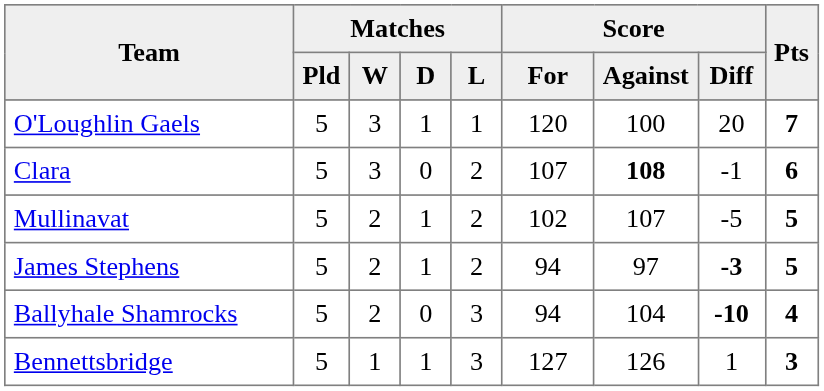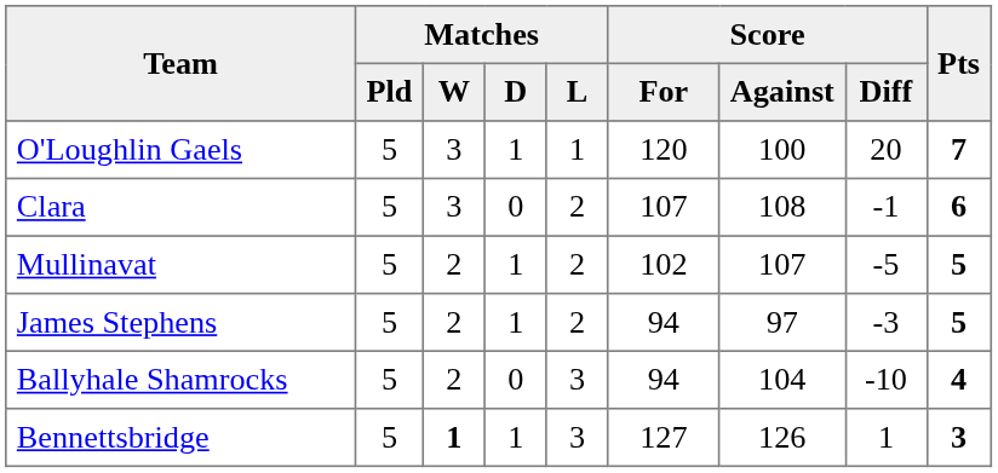 <table style=border-collapse:collapse border=1 cellspacing=0 cellpadding=5>
 <tr align=center bgcolor=#efefef>
 <th rowspan=2 width=165>Team</th>
 <th colspan=4>Matches</th>
 <th colspan=3>Score</th>
 <th rowspan=2width=20>Pts</th>
 </tr>
 <tr align=center bgcolor=#efefef>
 <th width=20>Pld</th>
 <th width=20>W</th>
 <th width=20>D</th>
 <th width=20>L</th>
 <th width=45>For</th>
 <th width=45>Against</th>
 <th width=30>Diff</th>
 </tr>
 <tr align=center>
 <td style="text-align:left;"><a href='#'>O'Loughlin Gaels</a></td>
 <td>5</td>
 <td>3</td>
 <td>1</td>
 <td>1</td>
 <td>120</td>
 <td>100</td>
 <td>20</td>
 <td><strong>7</strong></td>
 </tr>
 <tr align=center>
 <td style="text-align:left;"><a href='#'>Clara</a></td>
 <td>5</td>
 <td>3</td>
 <td>0</td>
 <td>2</td>
 <td>107</td>
-<td><strong>108</strong></td>
+<td>108</td>
 <td>-1</td>
 <td><strong>6</strong></td>
 </tr>
 <tr align=center>
 <td style="text-align:left;"><a href='#'>Mullinavat</a></td>
 <td>5</td>
 <td>2</td>
 <td>1</td>
 <td>2</td>
 <td>102</td>
 <td>107</td>
 <td>-5</td>
 <td><strong>5</strong></td>
 </tr>
 <tr align=center>
 <td style="text-align:left;"><a href='#'>James Stephens</a></td>
 <td>5</td>
 <td>2</td>
 <td>1</td>
 <td>2</td>
 <td>94</td>
 <td>97</td>
-<td><strong>-3</strong></td>
+<td>-3</td>
 <td><strong>5</strong></td>
 </tr>
 <tr align=center>
 <td style="text-align:left;"><a href='#'>Ballyhale Shamrocks</a></td>
 <td>5</td>
 <td>2</td>
 <td>0</td>
 <td>3</td>
 <td>94</td>
 <td>104</td>
-<td><strong>-10</strong></td>
+<td>-10</td>
 <td><strong>4</strong></td>
 </tr>
 <tr align=center>
 <td style="text-align:left;"><a href='#'>Bennettsbridge</a></td>
 <td>5</td>
-<td>1</td>
+<td><strong>1</strong></td>
 <td>1</td>
 <td>3</td>
 <td>127</td>
 <td>126</td>
 <td>1</td>
 <td><strong>3</strong></td>
 </tr>
 </table>
